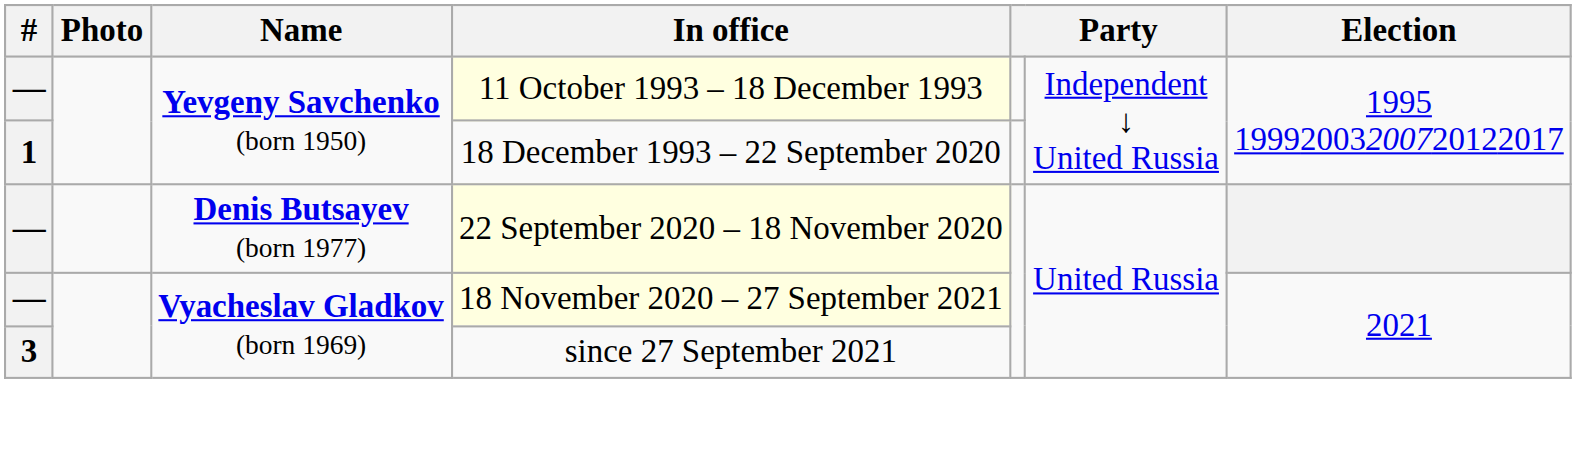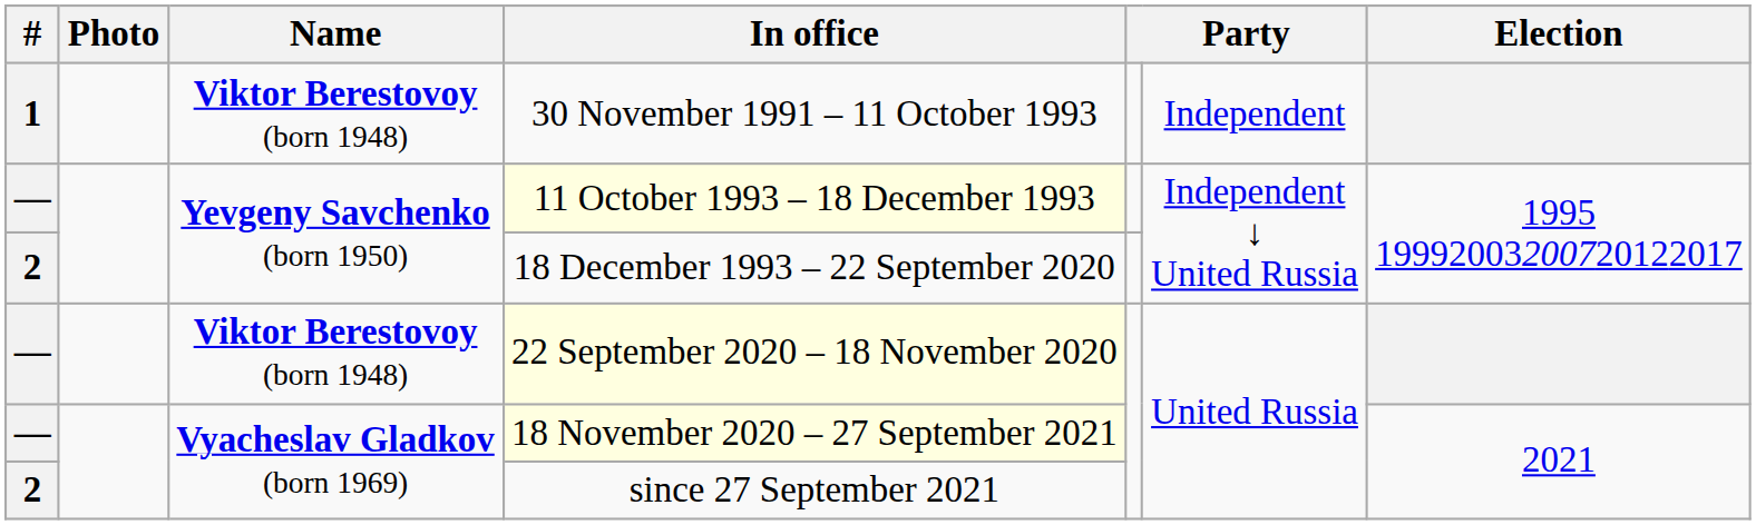 <table class="wikitable" style="text-align:center">
 <tr style="background:#cccccc">
 <th>#</th>
 <th>Photo</th>
 <th>Name</th>
 <th>In office</th>
 <th colspan=2>Party</th>
 <th>Election</th>
+</tr>
+<tr>
+<th>1</th>
+<td></td>
+<td><strong><a href='#'>Viktor Berestovoy</a></strong><br><small>(born 1948)</small></td>
+<td>30 November 1991 – 11 October 1993</td>
+<td style="background: "></td>
+<td><a href='#'>Independent</a></td>
+<th></th>
 </tr>
 <tr>
 <th>—</th>
 <td rowspan=2></td>
 <td rowspan=2><strong><a href='#'>Yevgeny Savchenko</a></strong><br><small>(born 1950)</small></td>
 <td style="background:lightyellow;">11 October 1993 – 18 December 1993</td>
 <td style="background: "></td>
 <td rowspan=2><a href='#'>Independent</a><br>↓<br><a href='#'>United Russia</a></td>
 <td rowspan=2><a href='#'>1995</a><br><a href='#'>1999</a><a href='#'>2003</a><em><a href='#'>2007</a></em><a href='#'>2012</a><a href='#'>2017</a></td>
 </tr>
 <tr>
-<th>1</th>
+<th>2</th>
 <td>18 December 1993 – 22 September 2020</td>
 <td style="background: "></td>
 </tr>
 <tr>
 <th>—</th>
 <td></td>
-<td><strong><a href='#'>Denis Butsayev</a></strong><br><small>(born 1977)</small></td>
+<td><strong><a href='#'>Viktor Berestovoy</a></strong><br><small>(born 1948)</small></td>
 <td style="background:lightyellow;">22 September 2020 – 18 November 2020</td>
 <td rowspan=3; style="background: "></td>
 <td rowspan=3><a href='#'>United Russia</a></td>
 <th></th>
 </tr>
 <tr>
 <th>—</th>
 <td rowspan=2></td>
 <td rowspan=2><strong><a href='#'>Vyacheslav Gladkov</a></strong><br><small>(born 1969)</small></td>
 <td style="background:lightyellow;">18 November 2020 – 27 September 2021</td>
 <td rowspan=2><a href='#'>2021</a></td>
 </tr>
 <tr>
-<th>3</th>
+<th>2</th>
 <td>since 27 September 2021</td>
 </tr>
 </table>
